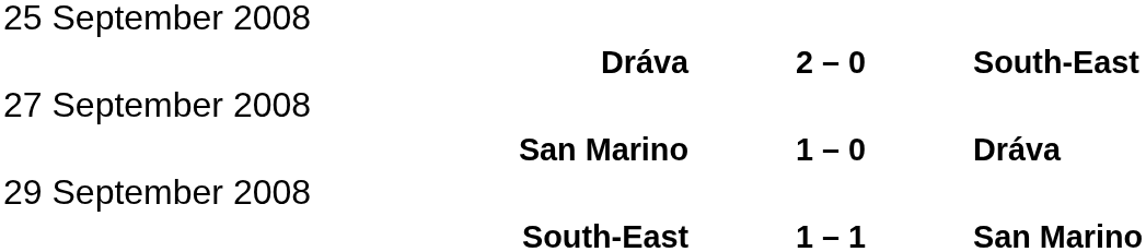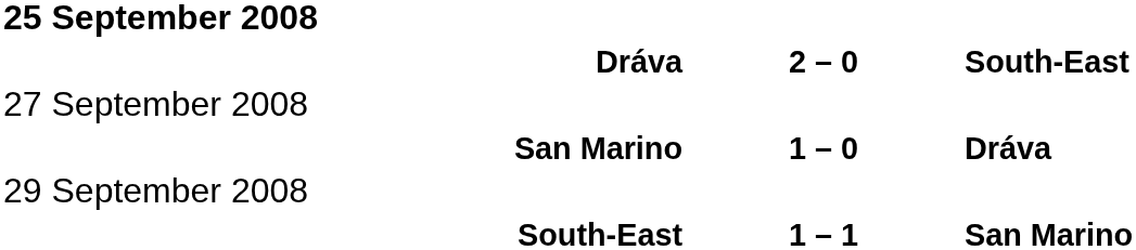 <table width=100% cellspacing=1>
 <tr>
 <th width=25%></th>
 <th width=10%></th>
 <th></th>
 </tr>
 <tr>
-<td>25 September 2008</td>
+<td><strong>25 September 2008</strong></td>
 </tr>
 <tr style=font-size:90%>
 <td align=right><strong>Dráva</strong></td>
 <td align=center><strong>2 – 0</strong></td>
 <td><strong>South-East</strong></td>
 </tr>
 <tr>
 <td>27 September 2008</td>
 </tr>
 <tr style=font-size:90%>
 <td align=right><strong>San Marino</strong></td>
 <td align=center><strong>1 – 0</strong></td>
 <td><strong>Dráva</strong></td>
 </tr>
 <tr>
 <td>29 September 2008</td>
 </tr>
 <tr style=font-size:90%>
 <td align=right><strong>South-East</strong></td>
 <td align=center><strong>1 – 1</strong></td>
 <td><strong>San Marino</strong></td>
 </tr>
 </table>
